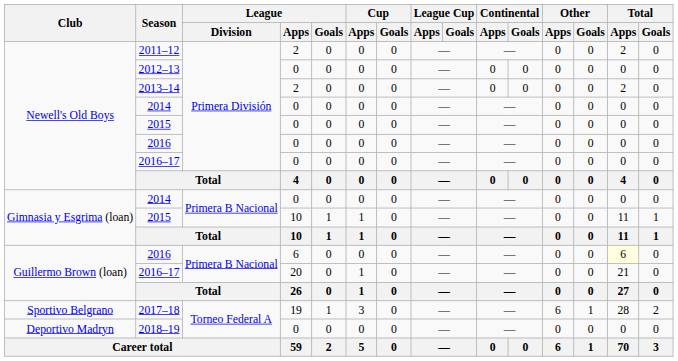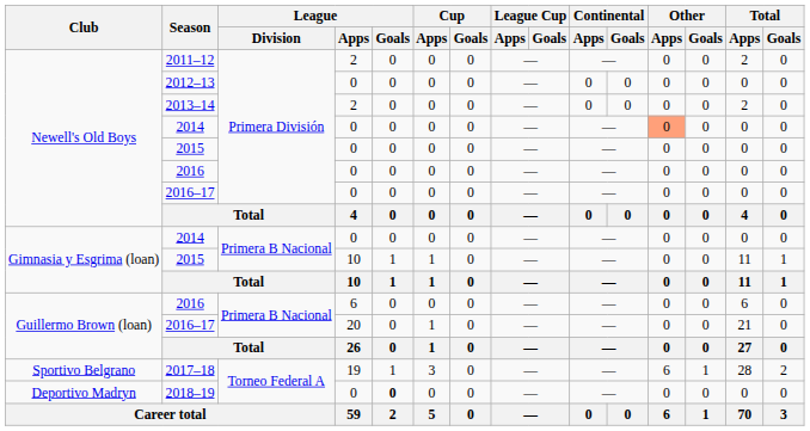 <table class="wikitable" style="text-align:center">
 <tr>
 <th rowspan="2">Club</th>
 <th rowspan="2">Season</th>
 <th colspan="3">League</th>
 <th colspan="2">Cup</th>
 <th colspan="2">League Cup</th>
 <th colspan="2">Continental</th>
 <th colspan="2">Other</th>
 <th colspan="2">Total</th>
 </tr>
 <tr>
 <th>Division</th>
 <th>Apps</th>
 <th>Goals</th>
 <th>Apps</th>
 <th>Goals</th>
 <th>Apps</th>
 <th>Goals</th>
 <th>Apps</th>
 <th>Goals</th>
 <th>Apps</th>
 <th>Goals</th>
 <th>Apps</th>
 <th>Goals</th>
 </tr>
 <tr>
 <td rowspan="8"><a href='#'>Newell's Old Boys</a></td>
 <td><a href='#'>2011–12</a></td>
 <td rowspan="7"><a href='#'>Primera División</a></td>
 <td>2</td>
 <td>0</td>
 <td>0</td>
 <td>0</td>
 <td colspan="2">—</td>
 <td colspan="2">—</td>
 <td>0</td>
 <td>0</td>
 <td>2</td>
 <td>0</td>
 </tr>
 <tr>
 <td><a href='#'>2012–13</a></td>
 <td>0</td>
 <td>0</td>
 <td>0</td>
 <td>0</td>
 <td colspan="2">—</td>
 <td>0</td>
 <td>0</td>
 <td>0</td>
 <td>0</td>
 <td>0</td>
 <td>0</td>
 </tr>
 <tr>
 <td><a href='#'>2013–14</a></td>
 <td>2</td>
 <td>0</td>
 <td>0</td>
 <td>0</td>
 <td colspan="2">—</td>
 <td>0</td>
 <td>0</td>
 <td>0</td>
 <td>0</td>
 <td>2</td>
 <td>0</td>
 </tr>
 <tr>
 <td><a href='#'>2014</a></td>
 <td>0</td>
 <td>0</td>
 <td>0</td>
 <td>0</td>
 <td colspan="2">—</td>
 <td colspan="2">—</td>
-<td>0</td>
+<td style="background: lightsalmon;">0</td>
 <td>0</td>
 <td>0</td>
 <td>0</td>
 </tr>
 <tr>
 <td><a href='#'>2015</a></td>
 <td>0</td>
 <td>0</td>
 <td>0</td>
 <td>0</td>
 <td colspan="2">—</td>
 <td colspan="2">—</td>
 <td>0</td>
 <td>0</td>
 <td>0</td>
 <td>0</td>
 </tr>
 <tr>
 <td><a href='#'>2016</a></td>
 <td>0</td>
 <td>0</td>
 <td>0</td>
 <td>0</td>
 <td colspan="2">—</td>
 <td colspan="2">—</td>
 <td>0</td>
 <td>0</td>
 <td>0</td>
 <td>0</td>
 </tr>
 <tr>
 <td><a href='#'>2016–17</a></td>
 <td>0</td>
 <td>0</td>
 <td>0</td>
 <td>0</td>
 <td colspan="2">—</td>
 <td colspan="2">—</td>
 <td>0</td>
 <td>0</td>
 <td>0</td>
 <td>0</td>
 </tr>
 <tr>
 <th colspan="2">Total</th>
 <th>4</th>
 <th>0</th>
 <th>0</th>
 <th>0</th>
 <th colspan="2">—</th>
 <th>0</th>
 <th>0</th>
 <th>0</th>
 <th>0</th>
 <th>4</th>
 <th>0</th>
 </tr>
 <tr>
 <td rowspan="3"><a href='#'>Gimnasia y Esgrima</a> (loan)</td>
 <td><a href='#'>2014</a></td>
 <td rowspan="2"><a href='#'>Primera B Nacional</a></td>
 <td>0</td>
 <td>0</td>
 <td>0</td>
 <td>0</td>
 <td colspan="2">—</td>
 <td colspan="2">—</td>
 <td>0</td>
 <td>0</td>
 <td>0</td>
 <td>0</td>
 </tr>
 <tr>
 <td><a href='#'>2015</a></td>
 <td>10</td>
 <td>1</td>
 <td>1</td>
 <td>0</td>
 <td colspan="2">—</td>
 <td colspan="2">—</td>
 <td>0</td>
 <td>0</td>
 <td>11</td>
 <td>1</td>
 </tr>
 <tr>
 <th colspan="2">Total</th>
 <th>10</th>
 <th>1</th>
 <th>1</th>
 <th>0</th>
 <th colspan="2">—</th>
 <th colspan="2">—</th>
 <th>0</th>
 <th>0</th>
 <th>11</th>
 <th>1</th>
 </tr>
 <tr>
 <td rowspan="3"><a href='#'>Guillermo Brown</a> (loan)</td>
 <td><a href='#'>2016</a></td>
 <td rowspan="2"><a href='#'>Primera B Nacional</a></td>
 <td>6</td>
 <td>0</td>
 <td>0</td>
 <td>0</td>
 <td colspan="2">—</td>
 <td colspan="2">—</td>
 <td>0</td>
 <td>0</td>
-<td style="background: lightyellow;">6</td>
+<td>6</td>
 <td>0</td>
 </tr>
 <tr>
 <td><a href='#'>2016–17</a></td>
 <td>20</td>
 <td>0</td>
 <td>1</td>
 <td>0</td>
 <td colspan="2">—</td>
 <td colspan="2">—</td>
 <td>0</td>
 <td>0</td>
 <td>21</td>
 <td>0</td>
 </tr>
 <tr>
 <th colspan="2">Total</th>
 <th>26</th>
 <th>0</th>
 <th>1</th>
 <th>0</th>
 <th colspan="2">—</th>
 <th colspan="2">—</th>
 <th>0</th>
 <th>0</th>
 <th>27</th>
 <th>0</th>
 </tr>
 <tr>
 <td rowspan="1"><a href='#'>Sportivo Belgrano</a></td>
 <td><a href='#'>2017–18</a></td>
 <td rowspan="2"><a href='#'>Torneo Federal A</a></td>
 <td>19</td>
 <td>1</td>
 <td>3</td>
 <td>0</td>
 <td colspan="2">—</td>
 <td colspan="2">—</td>
 <td>6</td>
 <td>1</td>
 <td>28</td>
 <td>2</td>
 </tr>
 <tr>
 <td rowspan="1"><a href='#'>Deportivo Madryn</a></td>
 <td><a href='#'>2018–19</a></td>
 <td>0</td>
-<td>0</td>
+<td><strong>0</strong></td>
 <td>0</td>
 <td>0</td>
 <td colspan="2">—</td>
 <td colspan="2">—</td>
 <td>0</td>
 <td>0</td>
 <td>0</td>
 <td>0</td>
 </tr>
 <tr>
 <th colspan="3">Career total</th>
 <th>59</th>
 <th>2</th>
 <th>5</th>
 <th>0</th>
 <th colspan="2">—</th>
 <th>0</th>
 <th>0</th>
 <th>6</th>
 <th>1</th>
 <th>70</th>
 <th>3</th>
 </tr>
 </table>
